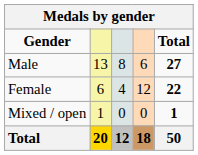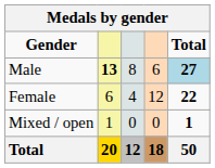 <table class="wikitable" style="text-align:center;font-size:90%">
 <tr style="background:#efefef;">
 <th colspan=5>Medals by gender</th>
 </tr>
 <tr>
 <td><strong>Gender</strong></td>
 <td bgcolor=#f7f6a8></td>
 <td bgcolor=#dce5e5></td>
 <td bgcolor=#ffdab9></td>
 <td><strong>Total</strong></td>
 </tr>
 <tr>
 <td style="text-align:left;">Male</td>
-<td style="background:#F7F6A8;">13</td>
+<td style="background:#F7F6A8;"><strong>13</strong></td>
 <td style="background:#DCE5E5;">8</td>
 <td style="background:#FFDAB9;">6</td>
-<td><strong>27</strong></td>
+<td style="background: lightblue;"><strong>27</strong></td>
 </tr>
 <tr>
 <td style="text-align:left;">Female</td>
 <td style="background:#F7F6A8;">6</td>
 <td style="background:#DCE5E5;">4</td>
 <td style="background:#FFDAB9;">12</td>
 <td><strong>22</strong></td>
 </tr>
 <tr>
 <td style="text-align:left;">Mixed / open</td>
 <td style="background:#F7F6A8;">1</td>
 <td style="background:#DCE5E5;">0</td>
 <td style="background:#FFDAB9;">0</td>
 <td><strong>1</strong></td>
 </tr>
 <tr>
 <th style="text-align:left;">Total</th>
 <th style="background:gold;">20</th>
 <th style="background:silver;">12</th>
 <th style="background:#c96;">18</th>
 <th>50</th>
 </tr>
 </table>
